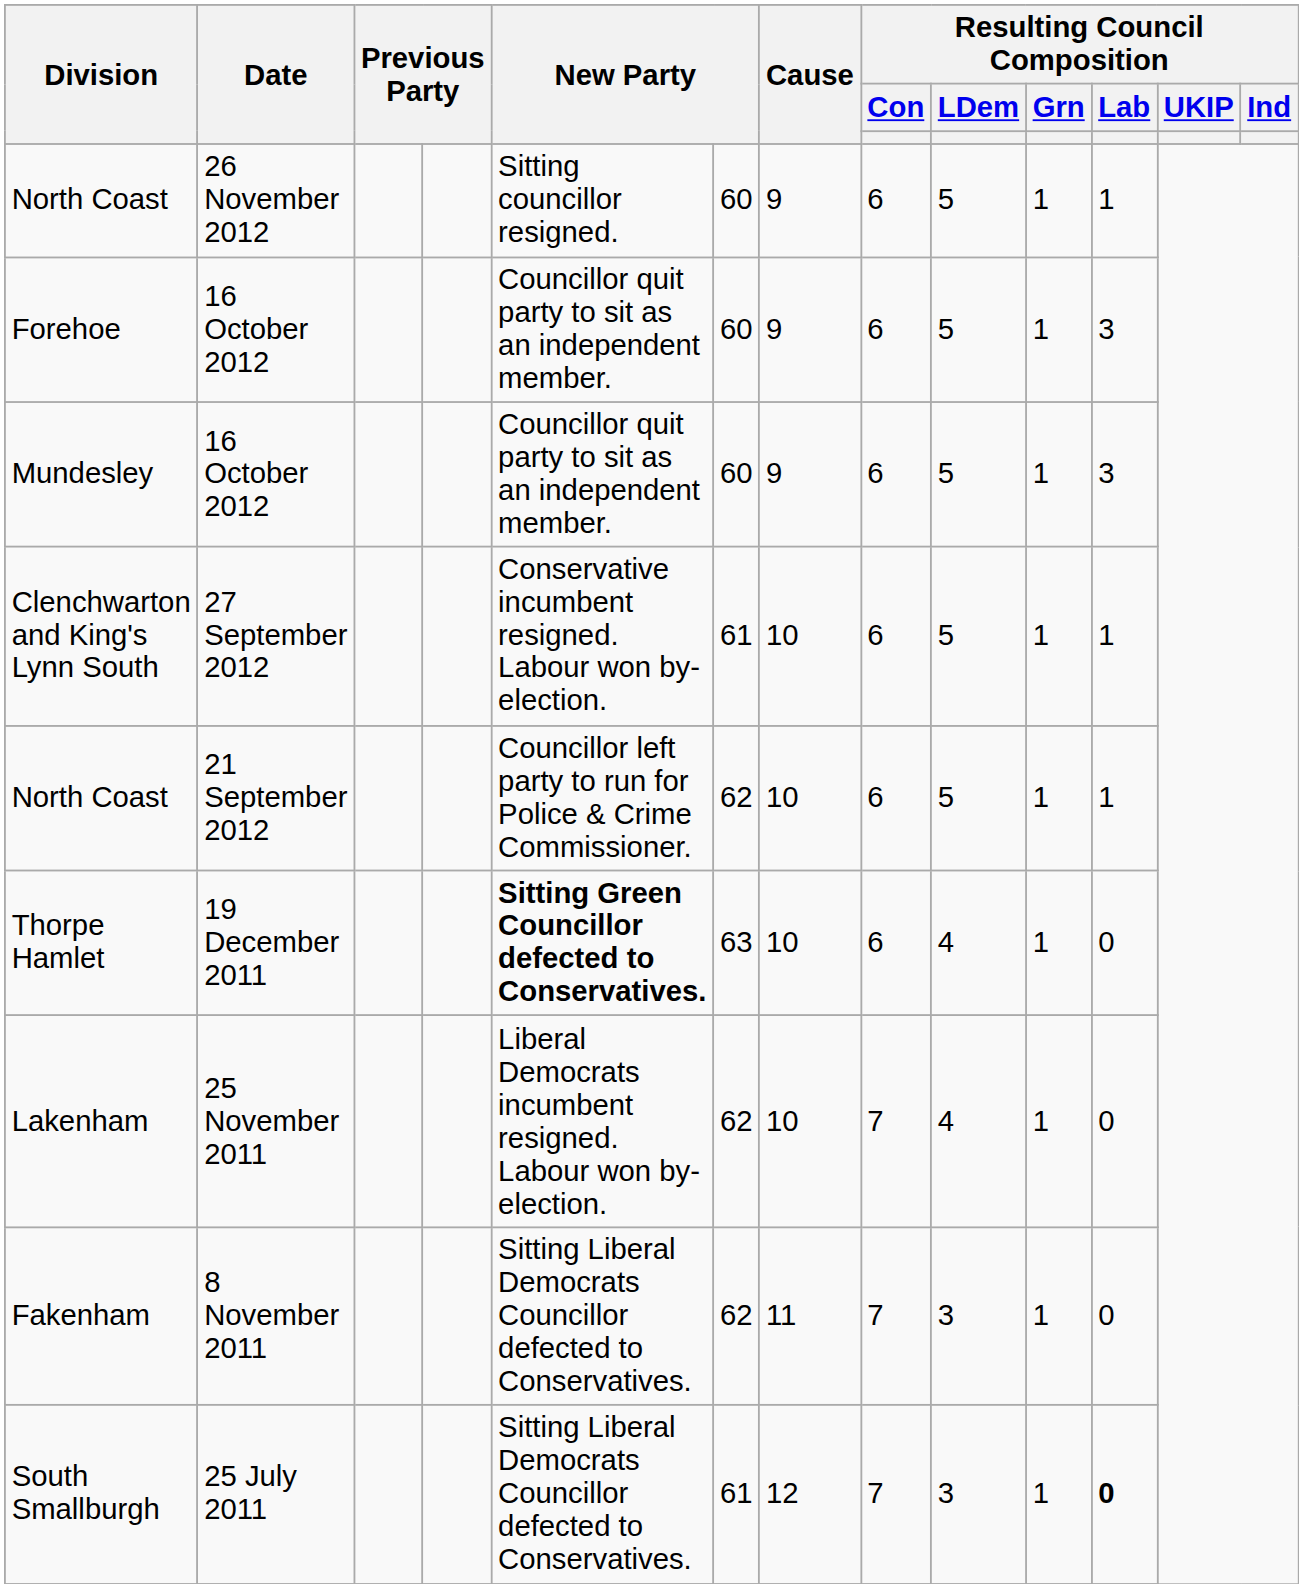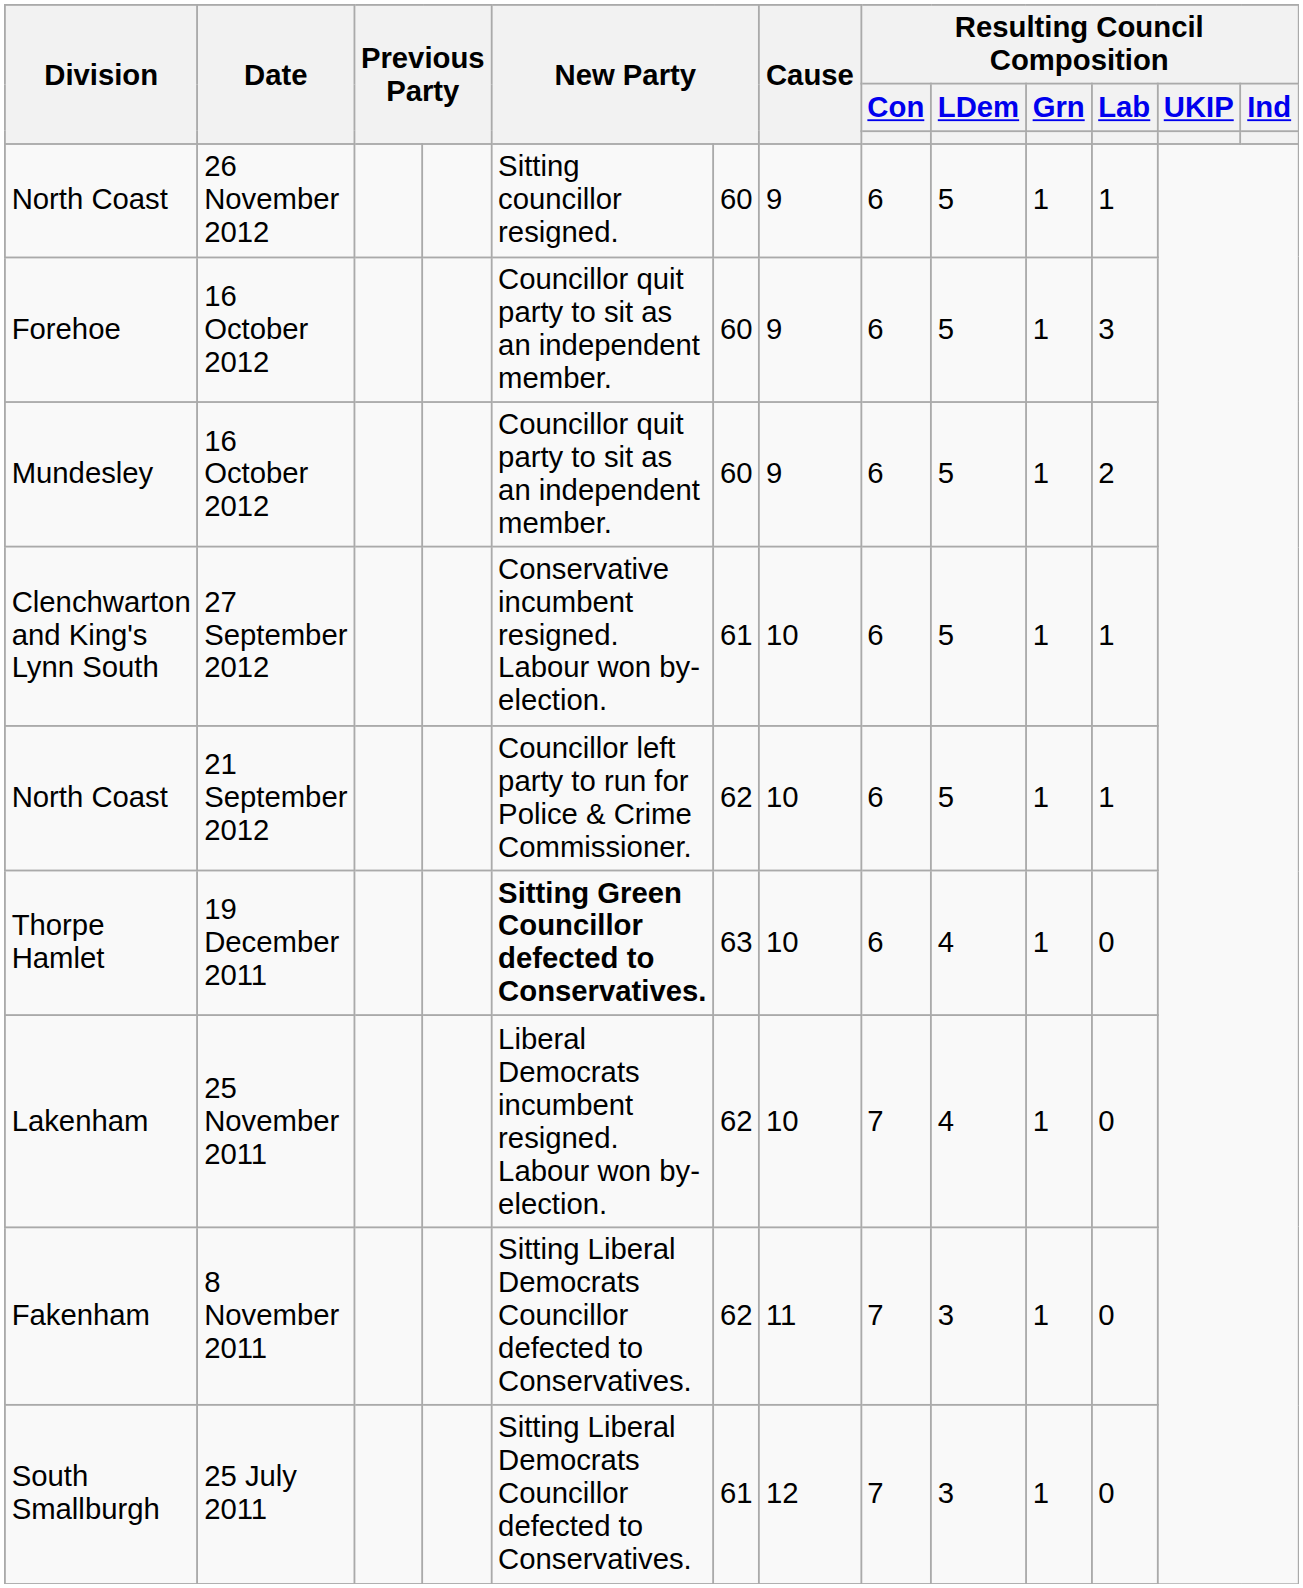 <table class="wikitable">
 <tr>
 <th !  rowspan="3">Division</th>
 <th ! rowspan="3">Date</th>
 <th !  rowspan=3 colspan=2>Previous Party</th>
 <th !  rowspan=3 colspan=2>New Party</th>
 <th ! rowspan="3">Cause</th>
 <th ! colspan="6">Resulting Council Composition</th>
 </tr>
 <tr>
 <th style="width:30px;" class="unsortable"><a href='#'>Con</a></th>
 <th style="width:30px;" class="unsortable"><a href='#'>LDem</a></th>
 <th style="width:30px;" class="unsortable"><a href='#'>Grn</a></th>
 <th style="width:30px;" class="unsortable"><a href='#'>Lab</a></th>
 <th style="width:30px;" class="unsortable"><a href='#'>UKIP</a></th>
 <th style="width:30px;" class="unsortable"><a href='#'>Ind</a></th>
 </tr>
 <tr>
 <th class="unsortable" style="color:inherit;background:"></th>
 <th class="unsortable" style="color:inherit;background:"></th>
 <th class="unsortable" style="color:inherit;background:"></th>
 <th class="unsortable" style="color:inherit;background:"></th>
 <th class="unsortable" style="color:inherit;background:"></th>
 <th class="unsortable" style="color:inherit;background:"></th>
 </tr>
 <tr>
 <td>North Coast</td>
 <td>26 November 2012</td>
 <td></td>
 <td></td>
 <td>Sitting councillor resigned.</td>
 <td>60</td>
 <td>9</td>
 <td>6</td>
 <td>5</td>
 <td>1</td>
 <td>1</td>
 </tr>
 <tr>
 <td>Forehoe</td>
 <td>16 October 2012</td>
 <td></td>
 <td></td>
 <td>Councillor quit party to sit as an independent member.</td>
 <td>60</td>
 <td>9</td>
 <td>6</td>
 <td>5</td>
 <td>1</td>
 <td>3</td>
 </tr>
 <tr>
 <td>Mundesley</td>
 <td>16 October 2012</td>
 <td></td>
 <td></td>
 <td>Councillor quit party to sit as an independent member.</td>
 <td>60</td>
 <td>9</td>
 <td>6</td>
 <td>5</td>
 <td>1</td>
-<td>3</td>
+<td>2</td>
 </tr>
 <tr>
 <td>Clenchwarton and King's Lynn South</td>
 <td>27 September 2012</td>
 <td></td>
 <td></td>
 <td>Conservative incumbent resigned.  Labour won by-election.</td>
 <td>61</td>
 <td>10</td>
 <td>6</td>
 <td>5</td>
 <td>1</td>
 <td>1</td>
 </tr>
 <tr>
 <td>North Coast</td>
 <td>21 September 2012</td>
 <td></td>
 <td></td>
 <td>Councillor left party to run for Police & Crime Commissioner.</td>
 <td>62</td>
 <td>10</td>
 <td>6</td>
 <td>5</td>
 <td>1</td>
 <td>1</td>
 </tr>
 <tr>
 <td>Thorpe Hamlet</td>
 <td>19 December 2011</td>
 <td></td>
 <td></td>
 <td><strong>Sitting Green Councillor defected to Conservatives.</strong></td>
 <td>63</td>
 <td>10</td>
 <td>6</td>
 <td>4</td>
 <td>1</td>
 <td>0</td>
 </tr>
 <tr>
 <td>Lakenham</td>
 <td>25 November 2011</td>
 <td></td>
 <td></td>
 <td>Liberal Democrats incumbent resigned. Labour won by-election.</td>
 <td>62</td>
 <td>10</td>
 <td>7</td>
 <td>4</td>
 <td>1</td>
 <td>0</td>
 </tr>
 <tr>
 <td>Fakenham</td>
 <td>8 November 2011</td>
 <td></td>
 <td></td>
 <td>Sitting Liberal Democrats Councillor defected to Conservatives.</td>
 <td>62</td>
 <td>11</td>
 <td>7</td>
 <td>3</td>
 <td>1</td>
 <td>0</td>
 </tr>
 <tr>
 <td>South Smallburgh</td>
 <td>25 July 2011</td>
 <td></td>
 <td></td>
 <td>Sitting Liberal Democrats Councillor defected to Conservatives.</td>
 <td>61</td>
 <td>12</td>
 <td>7</td>
 <td>3</td>
 <td>1</td>
-<td><strong>0</strong></td>
+<td>0</td>
 </tr>
 <tr>
 </tr>
 </table>
